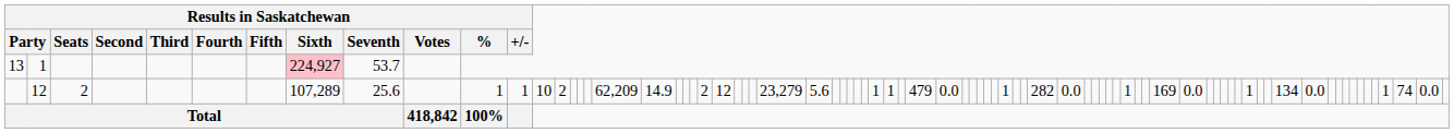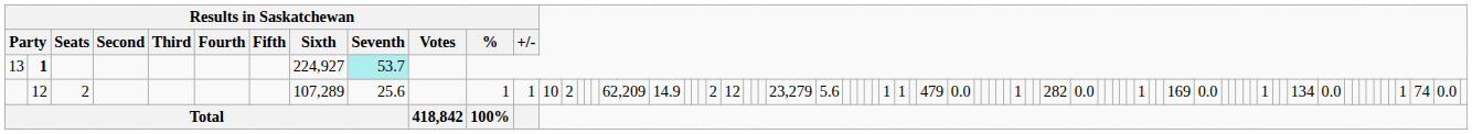 <table class="wikitable">
 <tr>
 <th align="center" colspan=12>Results in Saskatchewan</th>
 </tr>
 <tr>
 <th align="centre" colspan=2>Party</th>
 <th align="right">Seats</th>
 <th align="right">Second</th>
 <th align="right">Third</th>
 <th align="right">Fourth</th>
 <th align="right">Fifth</th>
 <th align="right">Sixth</th>
 <th align="right">Seventh</th>
 <th align="right">Votes</th>
 <th align="right">%</th>
 <th align="right">+/-</th>
 </tr>
 <tr>
 <td align="right">13</td>
-<td align="right">1</td>
+<td align="right"><strong>1</strong></td>
 <td align="right"></td>
 <td align="right"></td>
 <td align="right"></td>
 <td align="right"></td>
 <td align="right"></td>
-<td align="right" style="background: pink;">224,927</td>
-<td align="right">53.7</td>
+<td align="right">224,927</td>
+<td align="right" style="background: paleturquoise;">53.7</td>
 <td align="right"></td>
 </tr>
 <tr>
 <td align="right"></td>
 <td align="right">12</td>
 <td align="right">2</td>
 <td align="right"></td>
 <td align="right"></td>
 <td align="right"></td>
 <td align="right"></td>
 <td align="right">107,289</td>
 <td align="right">25.6</td>
 <td align="right"><br></td>
 <td align="right">1</td>
 <td align="right">1</td>
 <td align="right">10</td>
 <td align="right">2</td>
 <td align="right"></td>
 <td align="right"></td>
 <td align="right"></td>
 <td align="right">62,209</td>
 <td align="right">14.9</td>
 <td align="right"><br></td>
 <td align="right"></td>
 <td align="right"></td>
 <td align="right">2</td>
 <td align="right">12</td>
 <td align="right"></td>
 <td align="right"></td>
 <td align="right"></td>
 <td align="right">23,279</td>
 <td align="right">5.6</td>
 <td align="right"><br></td>
 <td align="right"></td>
 <td align="right"></td>
 <td align="right"></td>
 <td align="right"></td>
 <td align="right">1</td>
 <td align="right">1</td>
 <td align="right"></td>
 <td align="right">479</td>
 <td align="right">0.0</td>
 <td align="right"><br></td>
 <td align="right"></td>
 <td align="right"></td>
 <td align="right"></td>
 <td align="right"></td>
 <td align="right">1</td>
 <td align="right"></td>
 <td align="right"></td>
 <td align="right">282</td>
 <td align="right">0.0</td>
 <td align="right"><br></td>
 <td align="right"></td>
 <td align="right"></td>
 <td align="right"></td>
 <td align="right"></td>
 <td align="right">1</td>
 <td align="right"></td>
 <td align="right"></td>
 <td align="right">169</td>
 <td align="right">0.0</td>
 <td align="right"><br></td>
 <td align="right"></td>
 <td align="right"></td>
 <td align="right"></td>
 <td align="right"></td>
 <td align="right">1</td>
 <td align="right"></td>
 <td align="right"></td>
 <td align="right">134</td>
 <td align="right">0.0</td>
 <td align="right"><br></td>
 <td align="right"></td>
 <td align="right"></td>
 <td align="right"></td>
 <td align="right"></td>
 <td align="right"></td>
 <td align="right"></td>
 <td align="right">1</td>
 <td align="right">74</td>
 <td align="right">0.0</td>
 <td align="right"></td>
 </tr>
 <tr bgcolor="white">
 <th align="left" colspan=9>Total</th>
 <th align="right">418,842</th>
 <th align="right">100%</th>
 <th align="right"></th>
 </tr>
 </table>
